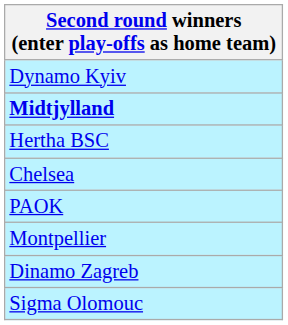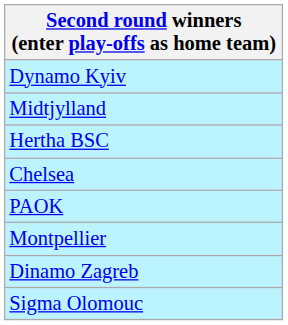 <table class="wikitable">
 <tr>
 <th width=210><a href='#'>Second round</a> winners<br>(enter <a href='#'>play-offs</a> as home team)</th>
 </tr>
 <tr>
 <td bgcolor=#BBF3FF> <a href='#'>Dynamo Kyiv</a></td>
 </tr>
 <tr>
-<td bgcolor=#BBF3FF><strong> <a href='#'>Midtjylland</a></strong></td>
+<td bgcolor=#BBF3FF> <a href='#'>Midtjylland</a></td>
 </tr>
 <tr>
 <td bgcolor=#BBF3FF> <a href='#'>Hertha BSC</a></td>
 </tr>
 <tr>
 <td bgcolor=#BBF3FF> <a href='#'>Chelsea</a></td>
 </tr>
 <tr>
 <td bgcolor=#BBF3FF> <a href='#'>PAOK</a></td>
 </tr>
 <tr>
 <td bgcolor=#BBF3FF> <a href='#'>Montpellier</a></td>
 </tr>
 <tr>
 <td bgcolor=#BBF3FF> <a href='#'>Dinamo Zagreb</a></td>
 </tr>
 <tr>
 <td bgcolor=#BBF3FF> <a href='#'>Sigma Olomouc</a></td>
 </tr>
 </table>
